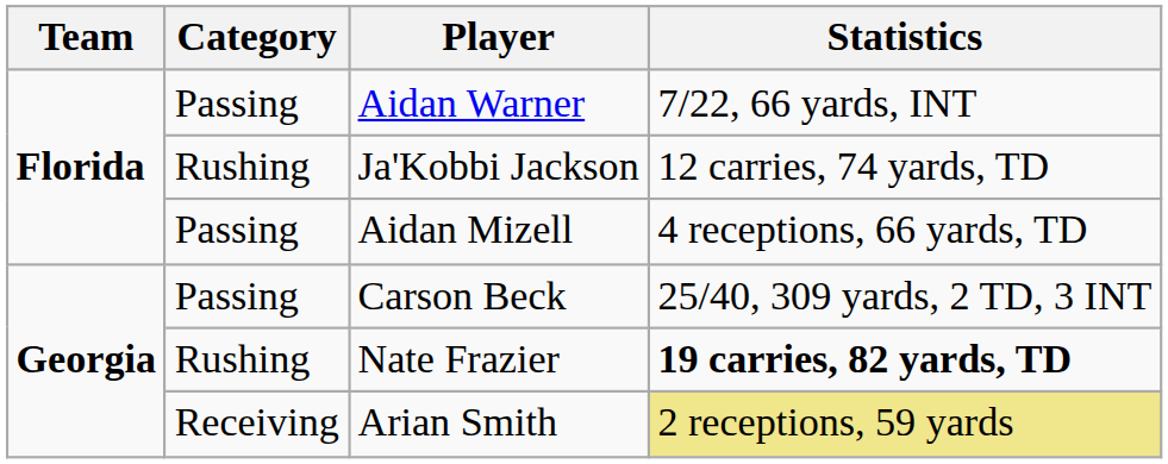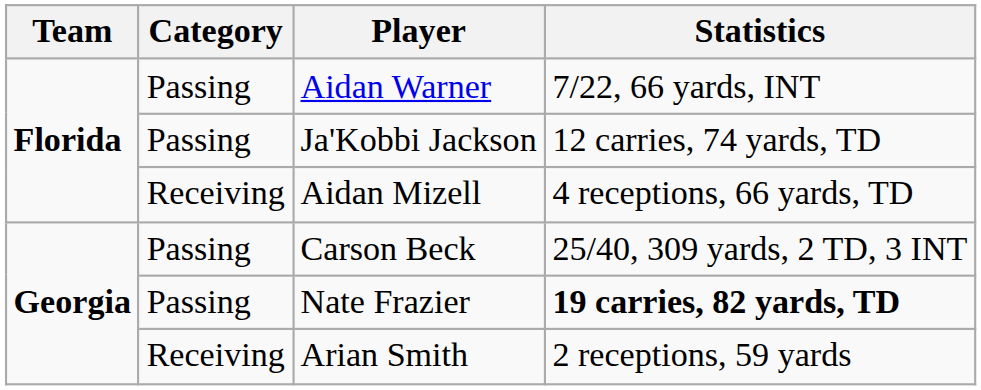 <table class="wikitable" style="float: right;">
 <tr>
 <th>Team</th>
 <th>Category</th>
 <th>Player</th>
 <th>Statistics</th>
 </tr>
 <tr>
 <td rowspan=3><strong>Florida</strong></td>
 <td>Passing</td>
 <td><a href='#'>Aidan Warner</a></td>
 <td>7/22, 66 yards, INT</td>
 </tr>
 <tr>
-<td>Rushing</td>
+<td>Passing</td>
 <td>Ja'Kobbi Jackson</td>
 <td>12 carries, 74 yards, TD</td>
 </tr>
 <tr>
-<td>Passing</td>
+<td>Receiving</td>
 <td>Aidan Mizell</td>
 <td>4 receptions, 66 yards, TD</td>
 </tr>
 <tr>
 <td rowspan=3><strong>Georgia</strong></td>
 <td>Passing</td>
 <td>Carson Beck</td>
 <td>25/40, 309 yards, 2 TD, 3 INT</td>
 </tr>
 <tr>
-<td>Rushing</td>
+<td>Passing</td>
 <td>Nate Frazier</td>
 <td><strong>19 carries, 82 yards, TD</strong></td>
 </tr>
 <tr>
 <td>Receiving</td>
 <td>Arian Smith</td>
-<td style="background: khaki;">2 receptions, 59 yards</td>
+<td>2 receptions, 59 yards</td>
 </tr>
 </table>
